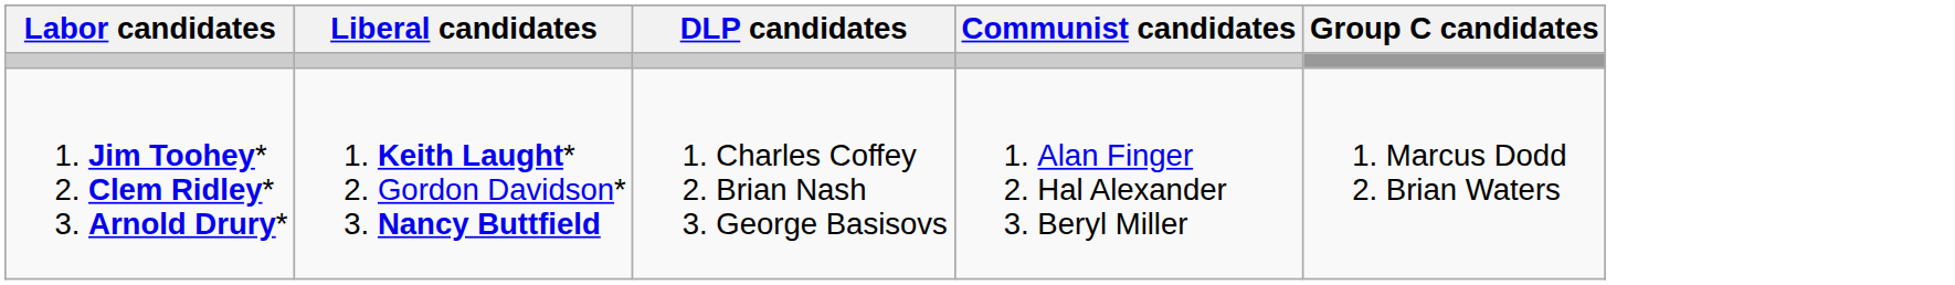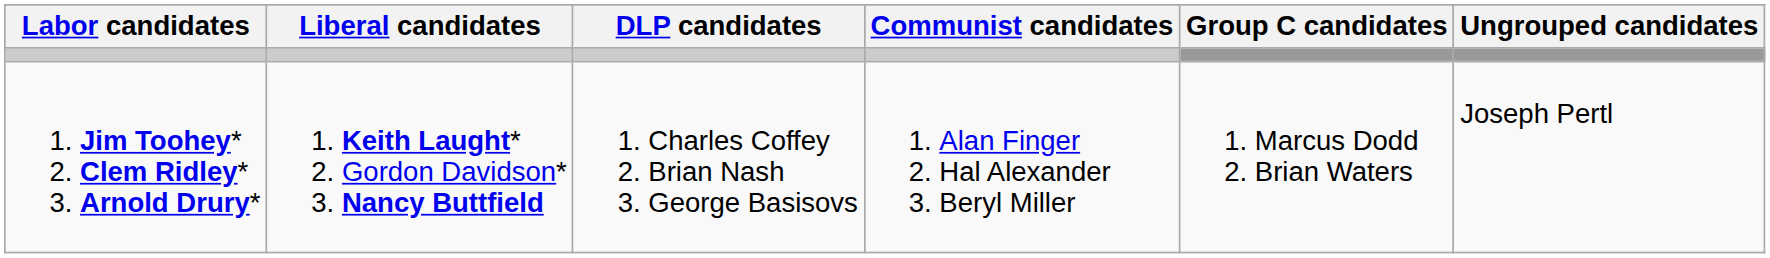 <table class="wikitable">
 <tr>
 <th><a href='#'>Labor</a> candidates</th>
 <th><a href='#'>Liberal</a> candidates</th>
 <th><a href='#'>DLP</a> candidates</th>
 <th><a href='#'>Communist</a> candidates</th>
 <th>Group C candidates</th>
+<th>Ungrouped candidates</th>
 </tr>
 <tr bgcolor="#cccccc">
 <td></td>
 <td></td>
 <td></td>
 <td></td>
+<td bgcolor="#999999"></td>
 <td bgcolor="#999999"></td>
 </tr>
 <tr>
 <td><br><ol><li><strong><a href='#'>Jim Toohey</a></strong>*</li><li><strong><a href='#'>Clem Ridley</a></strong>*</li><li><strong><a href='#'>Arnold Drury</a></strong>*</li></ol></td>
 <td><br><ol><li><strong><a href='#'>Keith Laught</a></strong>*</li><li><a href='#'>Gordon Davidson</a>*</li><li><strong><a href='#'>Nancy Buttfield</a></strong></li></ol></td>
 <td valign=top><br><ol><li>Charles Coffey</li><li>Brian Nash</li><li>George Basisovs</li></ol></td>
 <td valign=top><br><ol><li><a href='#'>Alan Finger</a></li><li>Hal Alexander</li><li>Beryl Miller</li></ol></td>
 <td valign=top><br><ol><li>Marcus Dodd</li><li>Brian Waters</li></ol></td>
+<td valign=top><br>Joseph Pertl</td>
 </tr>
 </table>
